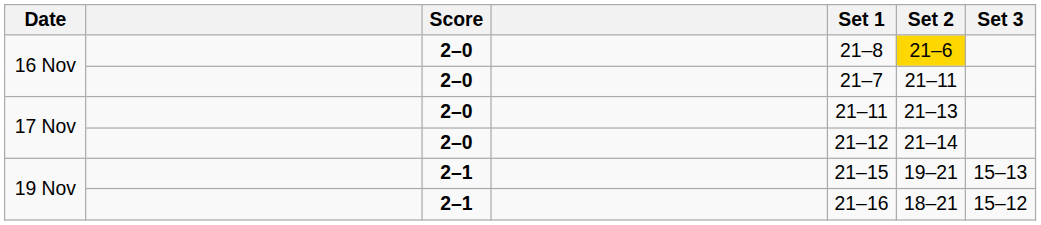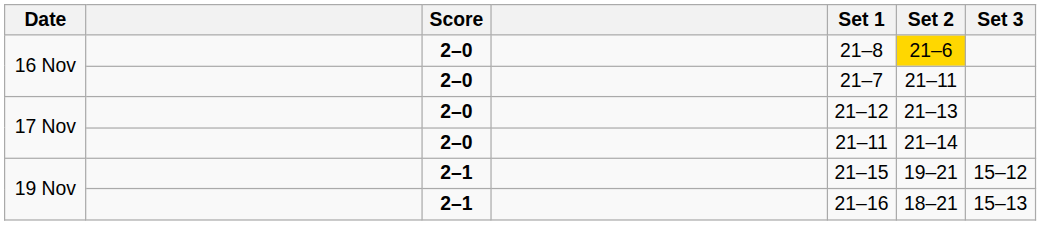 <table class="wikitable" style="text-align: center;">
 <tr>
 <th width="60">Date</th>
 <th align="right" width="270"></th>
 <th width="50">Score</th>
 <th align="left" width="270"></th>
 <th width="50">Set 1</th>
 <th width="50">Set 2</th>
 <th width="50">Set 3</th>
 </tr>
 <tr>
 <td rowspan=2>16 Nov</td>
 <td align=left><strong></strong></td>
 <td align=center><strong>2–0</strong></td>
 <td align=left></td>
 <td>21–8</td>
 <td style="background: gold;">21–6</td>
 <td></td>
 </tr>
 <tr>
 <td align=left><strong></strong></td>
 <td align=center><strong>2–0</strong></td>
 <td align=left></td>
 <td>21–7</td>
 <td>21–11</td>
 <td></td>
 </tr>
 <tr>
 <td rowspan=2>17 Nov</td>
 <td align=left><strong></strong></td>
 <td align=center><strong>2–0</strong></td>
 <td align=left></td>
-<td>21–11</td>
+<td>21–12</td>
 <td>21–13</td>
 <td></td>
 </tr>
 <tr>
 <td align=left><strong></strong></td>
 <td align=center><strong>2–0</strong></td>
 <td align=left></td>
-<td>21–12</td>
+<td>21–11</td>
 <td>21–14</td>
 <td></td>
 </tr>
 <tr>
 <td rowspan=2>19 Nov</td>
 <td align=left><strong></strong></td>
 <td align=center><strong>2–1</strong></td>
 <td align=left></td>
 <td>21–15</td>
 <td>19–21</td>
-<td>15–13</td>
+<td>15–12</td>
 </tr>
 <tr>
 <td align=left><strong></strong></td>
 <td align=center><strong>2–1</strong></td>
 <td align=left></td>
 <td>21–16</td>
 <td>18–21</td>
-<td>15–12</td>
+<td>15–13</td>
 </tr>
 </table>
